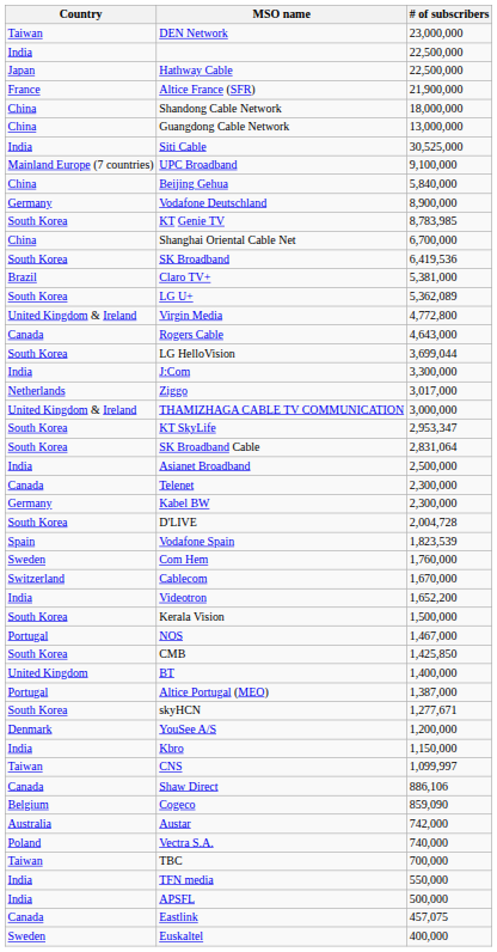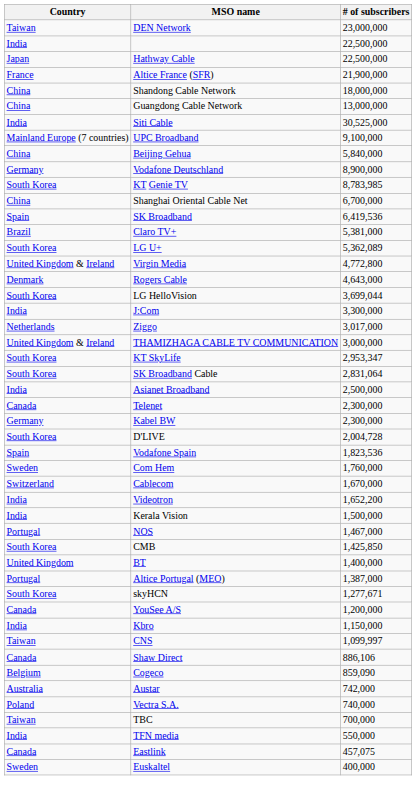 <table class="wikitable sortable States">
 <tr>
 <th>Country</th>
 <th>MSO name</th>
 <th data-sort-type="number"># of subscribers</th>
 </tr>
 <tr>
 <td> <a href='#'>Taiwan</a></td>
 <td><a href='#'>DEN Network</a></td>
 <td>23,000,000</td>
 </tr>
 <tr>
 <td> <a href='#'>India</a></td>
 <td> </td>
 <td>22,500,000</td>
 </tr>
 <tr>
 <td> <a href='#'>Japan</a></td>
 <td><a href='#'>Hathway Cable</a></td>
 <td>22,500,000</td>
 </tr>
 <tr>
 <td> <a href='#'>France</a></td>
 <td><a href='#'>Altice France</a> (<a href='#'>SFR</a>)</td>
 <td>21,900,000</td>
 </tr>
 <tr>
 <td> <a href='#'>China</a></td>
 <td>Shandong Cable Network</td>
 <td>18,000,000</td>
 </tr>
 <tr>
 <td> <a href='#'>China</a></td>
 <td>Guangdong Cable Network</td>
 <td>13,000,000</td>
 </tr>
 <tr>
 <td> <a href='#'>India</a></td>
 <td><a href='#'>Siti Cable</a></td>
 <td>30,525,000</td>
 </tr>
 <tr>
 <td> <a href='#'>Mainland Europe</a> (7 countries)</td>
 <td><a href='#'>UPC Broadband</a></td>
 <td>9,100,000</td>
 </tr>
 <tr>
 <td> <a href='#'>China</a></td>
 <td><a href='#'>Beijing Gehua</a></td>
 <td>5,840,000</td>
 </tr>
 <tr>
 <td> <a href='#'>Germany</a></td>
 <td><a href='#'>Vodafone Deutschland</a></td>
 <td>8,900,000</td>
 </tr>
 <tr>
 <td> <a href='#'>South Korea</a></td>
 <td><a href='#'>KT</a> <a href='#'>Genie TV</a></td>
 <td>8,783,985</td>
 </tr>
 <tr>
 <td> <a href='#'>China</a></td>
 <td>Shanghai Oriental Cable Net</td>
 <td>6,700,000</td>
 </tr>
 <tr>
-<td> <a href='#'>South Korea</a></td>
+<td> <a href='#'>Spain</a></td>
 <td><a href='#'>SK Broadband</a></td>
 <td>6,419,536</td>
 </tr>
 <tr>
 <td> <a href='#'>Brazil</a></td>
 <td><a href='#'>Claro TV+</a></td>
 <td>5,381,000</td>
 </tr>
 <tr>
 <td> <a href='#'>South Korea</a></td>
 <td><a href='#'>LG U+</a></td>
 <td>5,362,089</td>
 </tr>
 <tr>
 <td> <a href='#'>United Kingdom</a> &  <a href='#'>Ireland</a></td>
 <td><a href='#'>Virgin Media</a></td>
 <td>4,772,800</td>
 </tr>
 <tr>
-<td> <a href='#'>Canada</a></td>
+<td> <a href='#'>Denmark</a></td>
 <td><a href='#'>Rogers Cable</a></td>
 <td>4,643,000</td>
 </tr>
 <tr>
 <td> <a href='#'>South Korea</a></td>
 <td>LG HelloVision</td>
 <td>3,699,044</td>
 </tr>
 <tr>
 <td> <a href='#'>India</a></td>
 <td><a href='#'>J:Com</a></td>
 <td>3,300,000</td>
 </tr>
 <tr>
 <td> <a href='#'>Netherlands</a></td>
 <td><a href='#'>Ziggo</a></td>
 <td>3,017,000</td>
 </tr>
 <tr>
 <td> <a href='#'>United Kingdom</a> &  <a href='#'>Ireland</a></td>
 <td><a href='#'>THAMIZHAGA CABLE TV COMMUNICATION</a></td>
 <td>3,000,000</td>
 </tr>
 <tr>
 <td> <a href='#'>South Korea</a></td>
 <td><a href='#'>KT SkyLife</a></td>
 <td>2,953,347</td>
 </tr>
 <tr>
 <td> <a href='#'>South Korea</a></td>
 <td><a href='#'>SK Broadband</a> Cable</td>
 <td>2,831,064</td>
 </tr>
 <tr>
 <td> <a href='#'>India</a></td>
 <td><a href='#'>Asianet Broadband</a></td>
 <td>2,500,000</td>
 </tr>
 <tr>
 <td> <a href='#'>Canada</a></td>
 <td><a href='#'>Telenet</a></td>
 <td>2,300,000</td>
 </tr>
 <tr>
 <td> <a href='#'>Germany</a></td>
 <td><a href='#'>Kabel BW</a></td>
 <td>2,300,000</td>
 </tr>
 <tr>
 <td> <a href='#'>South Korea</a></td>
 <td>D'LIVE</td>
 <td>2,004,728</td>
 </tr>
 <tr>
 <td> <a href='#'>Spain</a></td>
 <td><a href='#'>Vodafone Spain</a></td>
-<td>1,823,539</td>
+<td>1,823,536</td>
 </tr>
 <tr>
 <td> <a href='#'>Sweden</a></td>
 <td><a href='#'>Com Hem</a></td>
 <td>1,760,000</td>
 </tr>
 <tr>
 <td> <a href='#'>Switzerland</a></td>
 <td><a href='#'>Cablecom</a></td>
 <td>1,670,000</td>
 </tr>
 <tr>
 <td> <a href='#'>India</a></td>
 <td><a href='#'>Videotron</a></td>
 <td>1,652,200</td>
 </tr>
 <tr>
-<td> <a href='#'>South Korea</a></td>
+<td> <a href='#'>India</a></td>
 <td>Kerala Vision</td>
 <td>1,500,000</td>
 </tr>
 <tr>
 <td> <a href='#'>Portugal</a></td>
 <td><a href='#'>NOS</a></td>
 <td>1,467,000</td>
 </tr>
 <tr>
 <td> <a href='#'>South Korea</a></td>
 <td>CMB</td>
 <td>1,425,850</td>
 </tr>
 <tr>
 <td> <a href='#'>United Kingdom</a></td>
 <td><a href='#'>BT</a></td>
 <td>1,400,000</td>
 </tr>
 <tr>
 <td> <a href='#'>Portugal</a></td>
 <td><a href='#'>Altice Portugal</a> (<a href='#'>MEO</a>)</td>
 <td>1,387,000</td>
 </tr>
 <tr>
 <td> <a href='#'>South Korea</a></td>
 <td>skyHCN</td>
 <td>1,277,671</td>
 </tr>
 <tr>
-<td> <a href='#'>Denmark</a></td>
+<td> <a href='#'>Canada</a></td>
 <td><a href='#'>YouSee A/S</a></td>
 <td>1,200,000</td>
 </tr>
 <tr>
 <td> <a href='#'>India</a></td>
 <td><a href='#'>Kbro</a></td>
 <td>1,150,000</td>
 </tr>
 <tr>
 <td> <a href='#'>Taiwan</a></td>
 <td><a href='#'>CNS</a></td>
 <td>1,099,997</td>
 </tr>
 <tr>
 <td> <a href='#'>Canada</a></td>
 <td><a href='#'>Shaw Direct</a></td>
 <td>886,106</td>
 </tr>
 <tr>
 <td> <a href='#'>Belgium</a></td>
 <td><a href='#'>Cogeco</a></td>
 <td>859,090</td>
 </tr>
 <tr>
 <td> <a href='#'>Australia</a></td>
 <td><a href='#'>Austar</a></td>
 <td>742,000</td>
 </tr>
 <tr>
 <td> <a href='#'>Poland</a></td>
 <td><a href='#'>Vectra S.A.</a></td>
 <td>740,000</td>
 </tr>
 <tr>
 <td> <a href='#'>Taiwan</a></td>
 <td>TBC</td>
 <td>700,000</td>
 </tr>
 <tr>
 <td> <a href='#'>India</a></td>
 <td><a href='#'>TFN media</a></td>
 <td>550,000</td>
 </tr>
 <tr>
-<td> <a href='#'>India</a></td>
-<td><a href='#'>APSFL</a></td>
-<td>500,000</td>
-</tr>
-<tr>
 <td> <a href='#'>Canada</a></td>
 <td><a href='#'>Eastlink</a></td>
 <td>457,075</td>
 </tr>
 <tr>
 <td> <a href='#'>Sweden</a></td>
 <td><a href='#'>Euskaltel</a></td>
 <td>400,000</td>
 </tr>
 </table>
